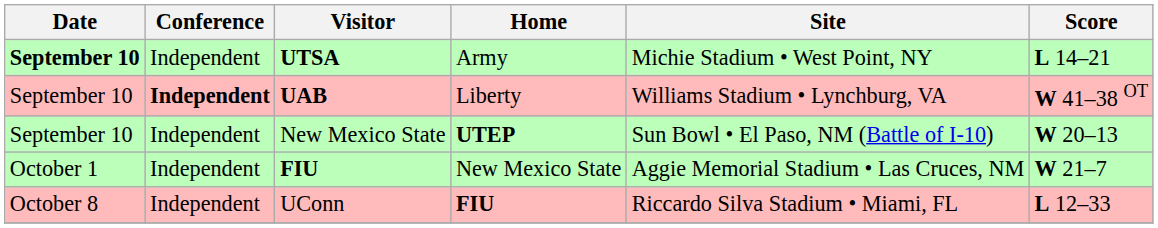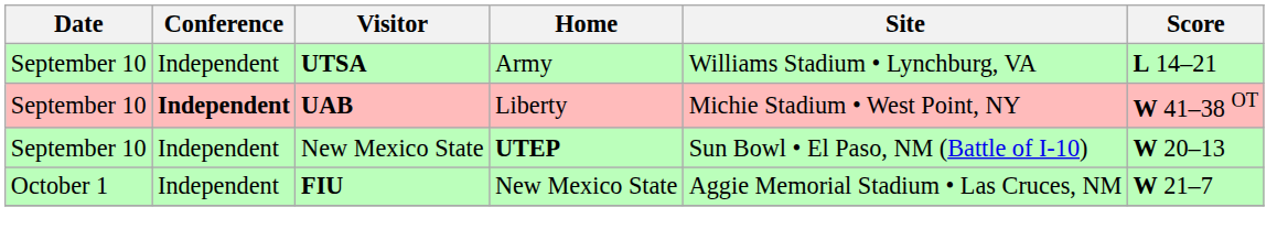 <table class="wikitable">
 <tr>
 <th>Date</th>
 <th>Conference</th>
 <th>Visitor</th>
 <th>Home</th>
 <th>Site</th>
 <th>Score</th>
 </tr>
 <tr style="background:#bfb;">
-<td><strong>September 10</strong></td>
+<td>September 10</td>
 <td>Independent</td>
 <td><strong>UTSA</strong></td>
 <td>Army</td>
-<td>Michie Stadium • West Point, NY</td>
+<td>Williams Stadium • Lynchburg, VA</td>
 <td><strong>L</strong> 14–21</td>
 </tr>
 <tr style="background:#fbb;">
 <td>September 10</td>
 <td><strong>Independent</strong></td>
 <td><strong>UAB</strong></td>
 <td>Liberty</td>
-<td>Williams Stadium • Lynchburg, VA</td>
+<td>Michie Stadium • West Point, NY</td>
 <td><strong>W</strong> 41–38 <sup>OT</sup></td>
 </tr>
 <tr style="background:#bfb;">
 <td>September 10</td>
 <td>Independent</td>
 <td>New Mexico State</td>
 <td><strong>UTEP</strong></td>
 <td>Sun Bowl • El Paso, NM (<a href='#'>Battle of I-10</a>)</td>
 <td><strong>W</strong> 20–13</td>
 </tr>
 <tr style="background:#bfb;">
 <td>October 1</td>
 <td>Independent</td>
 <td><strong>FIU</strong></td>
 <td>New Mexico State</td>
 <td>Aggie Memorial Stadium • Las Cruces, NM</td>
 <td><strong>W</strong> 21–7</td>
 </tr>
-<tr style="background:#fbb;">
-<td>October 8</td>
-<td>Independent</td>
-<td>UConn</td>
-<td><strong>FIU</strong></td>
-<td>Riccardo Silva Stadium • Miami, FL</td>
-<td><strong>L</strong> 12–33</td>
-</tr>
 <tr>
 </tr>
 </table>
